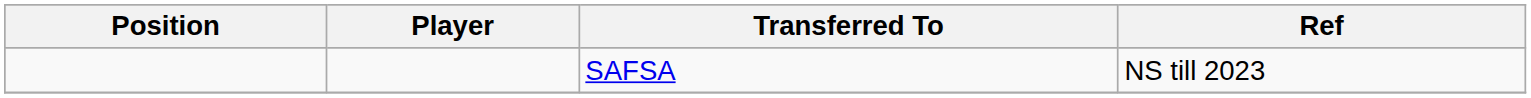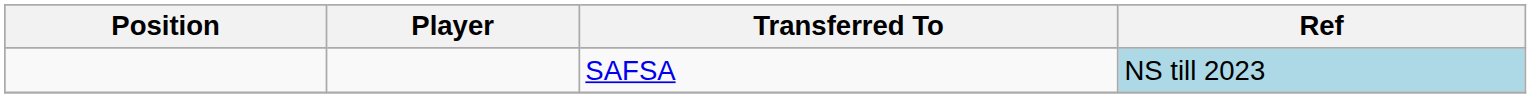 <table class="wikitable sortable" style="width:70%; text-align:center; font-size:100%; text-align:left;">
 <tr>
 <th><strong>Position</strong></th>
 <th><strong>Player</strong></th>
 <th><strong>Transferred To</strong></th>
 <th><strong>Ref</strong></th>
 </tr>
 <tr>
 <td></td>
 <td></td>
 <td> <a href='#'>SAFSA</a></td>
-<td>NS till 2023 </td>
+<td style="background: lightblue;">NS till 2023 </td>
 </tr>
 <tr>
 </tr>
 </table>
